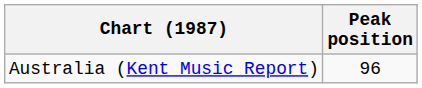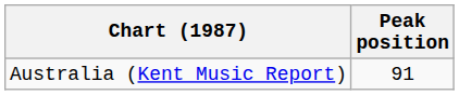 <table class="wikitable">
 <tr>
 <th scope="col">Chart (1987)</th>
 <th>Peak<br>position</th>
 </tr>
 <tr>
 <td>Australia (<a href='#'>Kent Music Report</a>)</td>
-<td style="text-align:center;">96</td>
+<td style="text-align:center;">91</td>
 </tr>
 </table>
